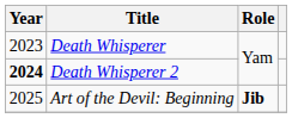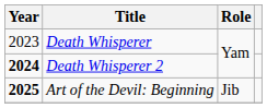 <table class="wikitable sortable">
 <tr>
 <th scope="col">Year</th>
 <th scope="col">Title</th>
 <th scope="col">Role</th>
 <th scope="col" class="unsortable"></th>
 </tr>
 <tr>
 <td>2023</td>
 <td><em><a href='#'>Death Whisperer</a></em></td>
 <td rowspan="2">Yam</td>
 <td style="text-align: center;"></td>
 </tr>
 <tr>
 <td><strong>2024</strong></td>
 <td><em><a href='#'>Death Whisperer 2</a></em></td>
 <td style="text-align: center;"></td>
 </tr>
 <tr>
-<td>2025</td>
+<td><strong>2025</strong></td>
 <td><em>Art of the Devil: Beginning</em></td>
-<td><strong>Jib</strong></td>
+<td>Jib</td>
 <td style="text-align: center;"></td>
 </tr>
 <tr>
 </tr>
 </table>
